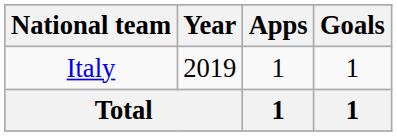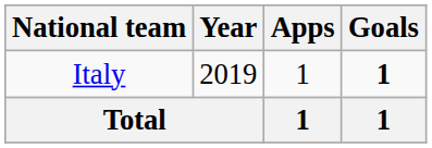 <table class="wikitable" style="text-align:center">
 <tr>
 <th>National team</th>
 <th>Year</th>
 <th>Apps</th>
 <th>Goals</th>
 </tr>
 <tr>
 <td><a href='#'>Italy</a></td>
 <td>2019</td>
 <td>1</td>
-<td>1</td>
+<td><strong>1</strong></td>
 </tr>
 <tr>
 <th colspan="2">Total</th>
 <th>1</th>
 <th>1</th>
 </tr>
 </table>
